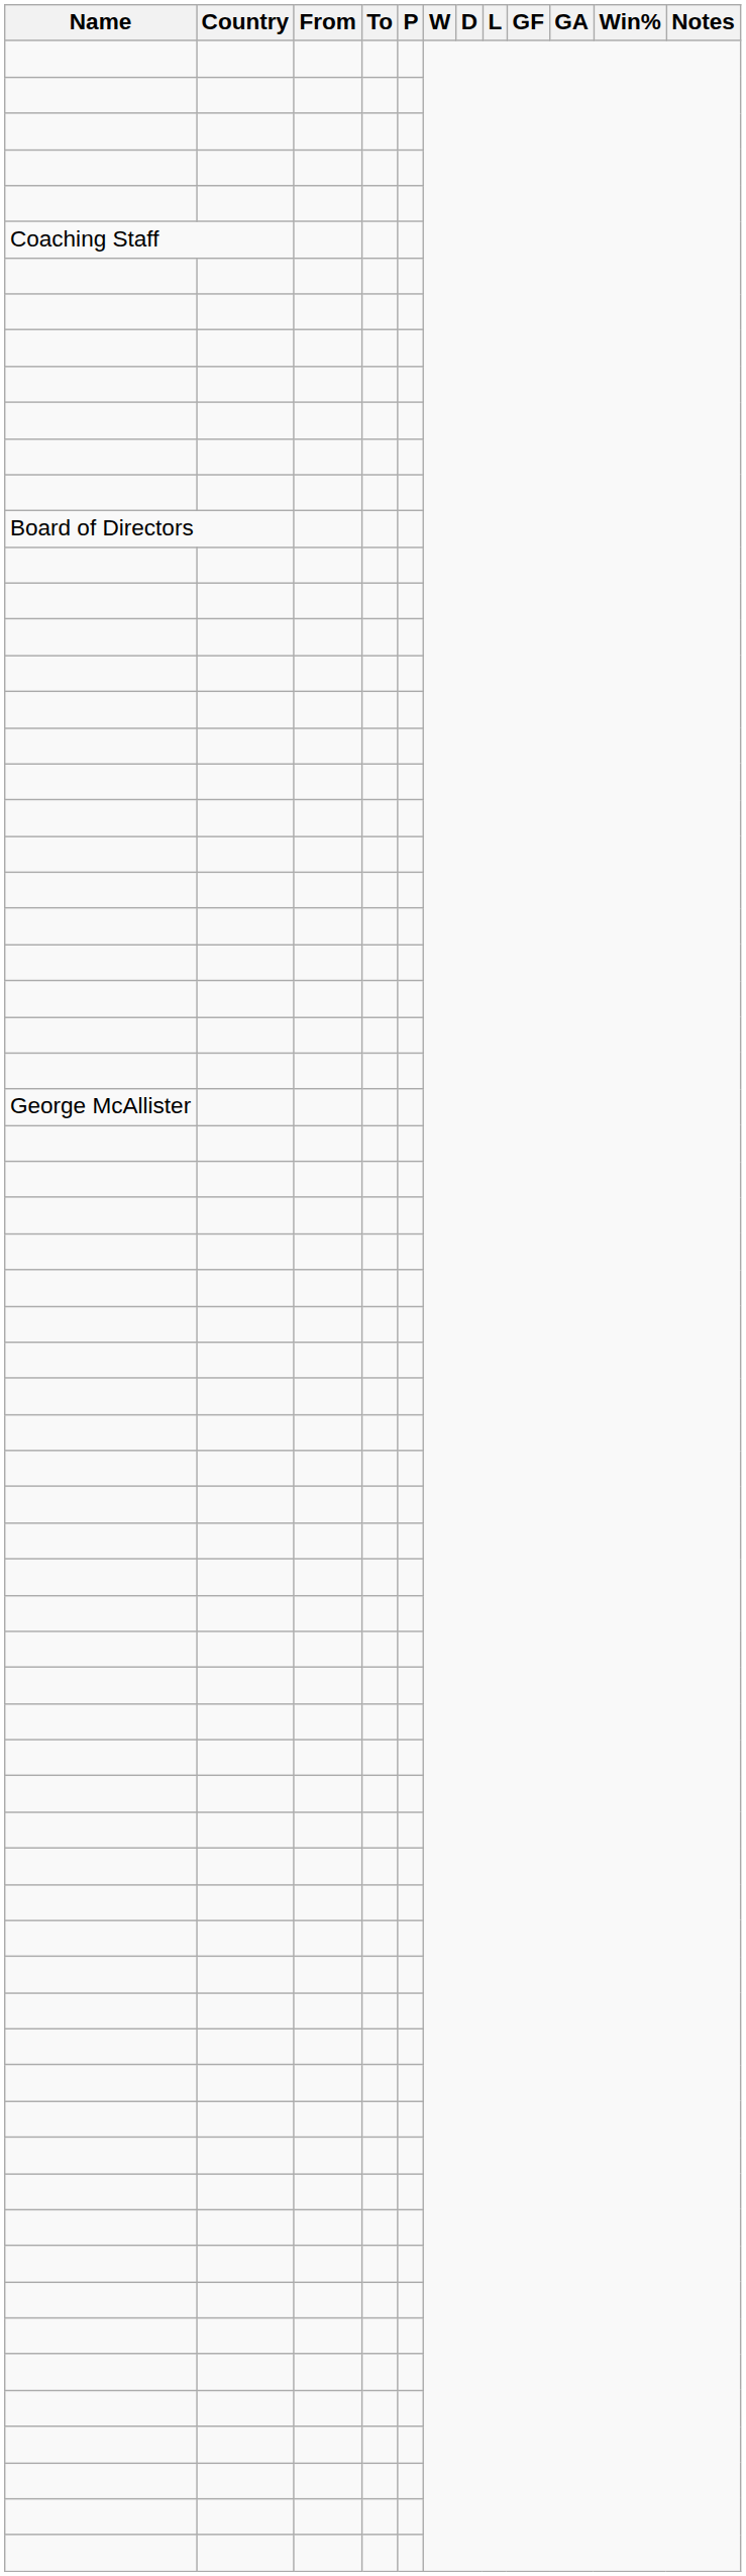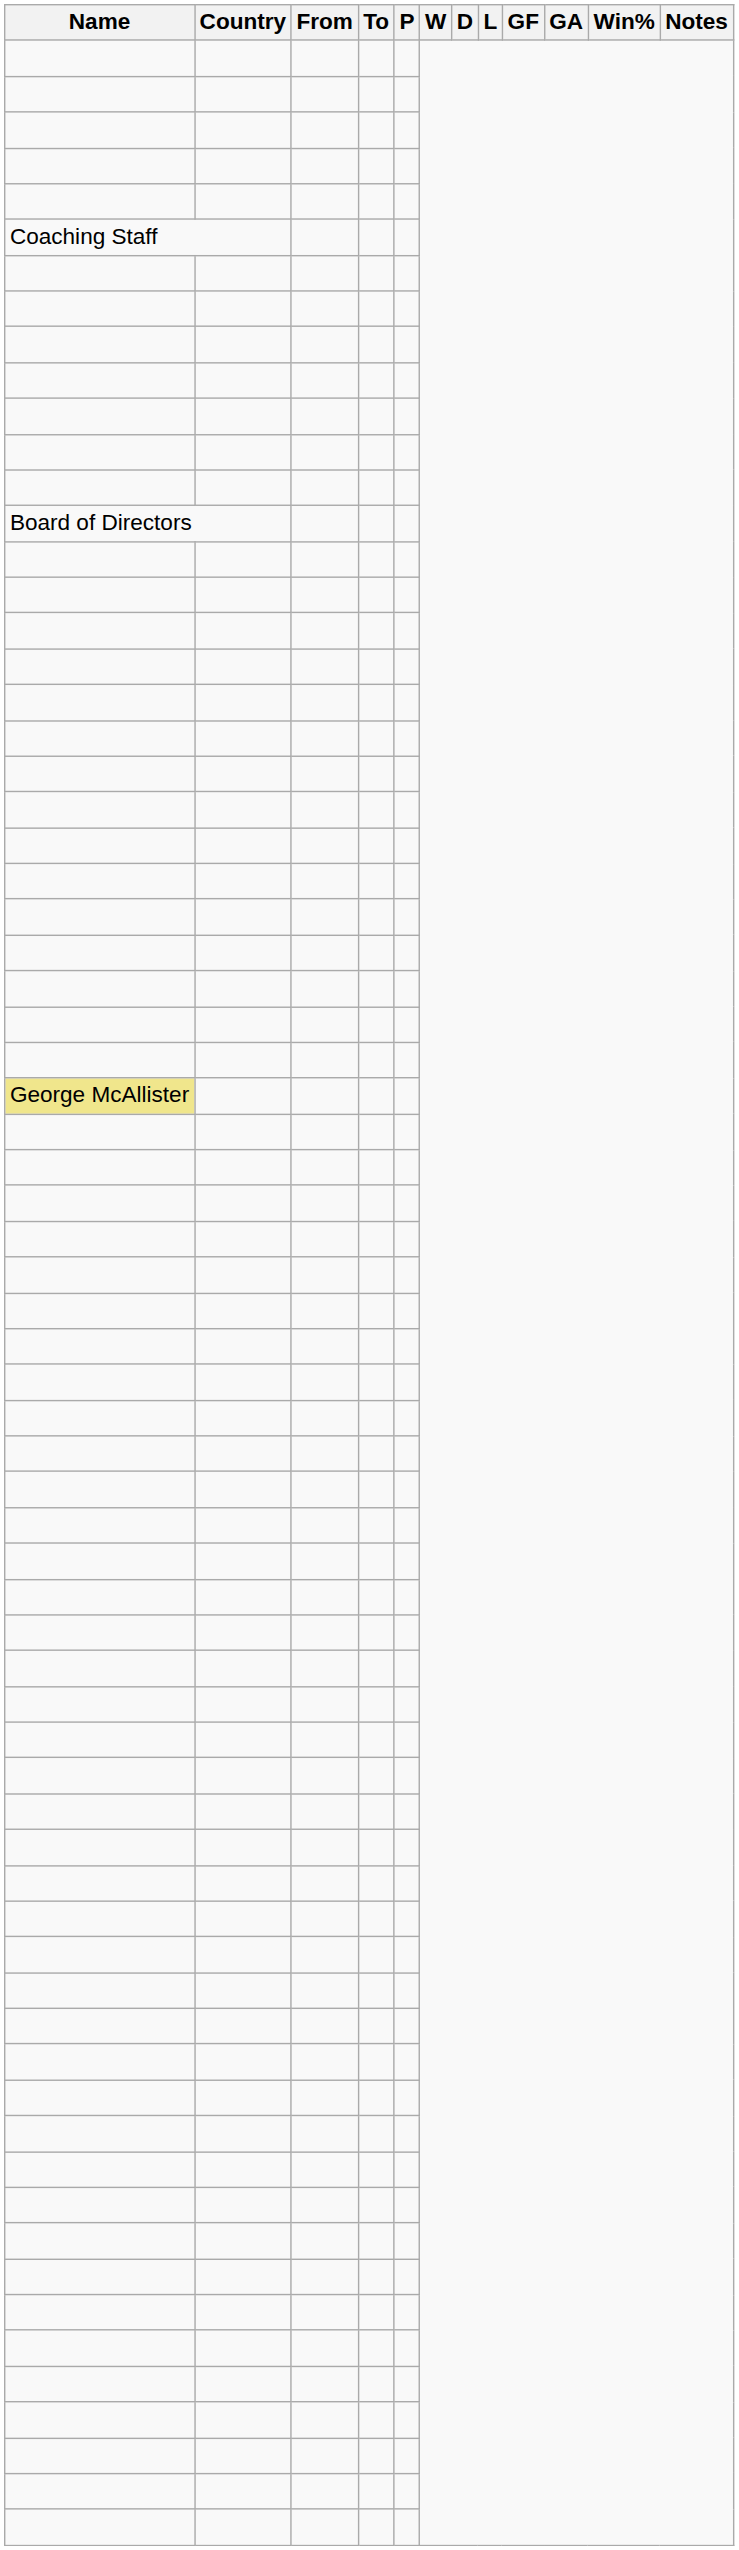 <table class="wikitable sortable">
 <tr>
 <th>Name</th>
 <th>Country</th>
 <th>From</th>
 <th class="unsortable">To</th>
 <th>P</th>
 <th>W</th>
 <th>D</th>
 <th>L</th>
 <th>GF</th>
 <th>GA</th>
 <th>Win%</th>
 <th class="unsortable">Notes</th>
 </tr>
 <tr>
 <td align=left></td>
 <td align=left></td>
 <td align=left></td>
 <td align=left><br></td>
 <td></td>
 </tr>
 <tr>
 <td align=left></td>
 <td align=left></td>
 <td align=left></td>
 <td align=left><br></td>
 <td></td>
 </tr>
 <tr>
 <td align=left></td>
 <td align=left></td>
 <td align=left></td>
 <td align=left><br></td>
 <td></td>
 </tr>
 <tr>
 <td align=left></td>
 <td align=left></td>
 <td align=left></td>
 <td align=left><br></td>
 <td></td>
 </tr>
 <tr>
 <td align=left></td>
 <td align=left></td>
 <td align=left></td>
 <td align=left><br></td>
 <td></td>
 </tr>
 <tr>
 <td colspan=2 align=left>Coaching Staff</td>
 <td align=left></td>
 <td align=left><br></td>
 <td></td>
 </tr>
 <tr>
 <td align=left></td>
 <td align=left></td>
 <td align=left></td>
 <td align=left><br></td>
 <td></td>
 </tr>
 <tr>
 <td align=left></td>
 <td align=left></td>
 <td align=left></td>
 <td align=left><br></td>
 <td></td>
 </tr>
 <tr>
 <td align=left></td>
 <td align=left></td>
 <td align=left></td>
 <td align=left><br></td>
 <td></td>
 </tr>
 <tr>
 <td align=left></td>
 <td align=left></td>
 <td align=left></td>
 <td align=left><br></td>
 <td></td>
 </tr>
 <tr>
 <td align=left></td>
 <td align=left></td>
 <td align=left></td>
 <td align=left><br></td>
 <td></td>
 </tr>
 <tr>
 <td align=left></td>
 <td align=left></td>
 <td align=left></td>
 <td align=left><br></td>
 <td></td>
 </tr>
 <tr>
 <td align=left></td>
 <td align=left></td>
 <td align=left></td>
 <td align=left><br></td>
 <td></td>
 </tr>
 <tr>
 <td colspan=2 align=left>Board of Directors</td>
 <td align=left></td>
 <td align=left><br></td>
 <td></td>
 </tr>
 <tr>
 <td align=left></td>
 <td align=left></td>
 <td align=left></td>
 <td align=left><br></td>
 <td></td>
 </tr>
 <tr>
 <td align=left></td>
 <td align=left></td>
 <td align=left></td>
 <td align=left><br></td>
 <td></td>
 </tr>
 <tr>
 <td align=left></td>
 <td align=left></td>
 <td align=left></td>
 <td align=left><br></td>
 <td></td>
 </tr>
 <tr>
 <td align=left></td>
 <td align=left></td>
 <td align=left></td>
 <td align=left><br></td>
 <td></td>
 </tr>
 <tr>
 <td align=left></td>
 <td align=left></td>
 <td align=left></td>
 <td align=left><br></td>
 <td></td>
 </tr>
 <tr>
 <td align=left></td>
 <td align=left></td>
 <td align=left></td>
 <td align=left><br></td>
 <td></td>
 </tr>
 <tr>
 <td align=left></td>
 <td align=left></td>
 <td align=left></td>
 <td align=left><br></td>
 <td></td>
 </tr>
 <tr>
 <td align=left></td>
 <td align=left></td>
 <td align=left></td>
 <td align=left><br></td>
 <td></td>
 </tr>
 <tr>
 <td align=left></td>
 <td align=left></td>
 <td align=left></td>
 <td align=left><br></td>
 <td></td>
 </tr>
 <tr>
 <td align=left></td>
 <td align=left></td>
 <td align=left></td>
 <td align=left><br></td>
 <td></td>
 </tr>
 <tr>
 <td align=left></td>
 <td align=left></td>
 <td align=left></td>
 <td align=left><br></td>
 <td></td>
 </tr>
 <tr>
 <td align=left></td>
 <td align=left></td>
 <td align=left></td>
 <td align=left><br></td>
 <td></td>
 </tr>
 <tr>
 <td align=left></td>
 <td align=left></td>
 <td align=left></td>
 <td align=left><br></td>
 <td></td>
 </tr>
 <tr>
 <td align=left></td>
 <td align=left></td>
 <td align=left></td>
 <td align=left><br></td>
 <td></td>
 </tr>
 <tr>
 <td align=left></td>
 <td align=left></td>
 <td align=left></td>
 <td align=left><br></td>
 <td></td>
 </tr>
 <tr>
-<td align=left>George McAllister</td>
+<td align=left style="background: khaki;">George McAllister</td>
 <td align=left></td>
 <td align=left></td>
 <td align=left><br></td>
 <td></td>
 </tr>
 <tr>
 <td align=left></td>
 <td align=left></td>
 <td align=left></td>
 <td align=left><br></td>
 <td></td>
 </tr>
 <tr>
 <td align=left></td>
 <td align=left></td>
 <td align=left></td>
 <td align=left><br></td>
 <td></td>
 </tr>
 <tr>
 <td align=left></td>
 <td align=left></td>
 <td align=left></td>
 <td align=left><br></td>
 <td></td>
 </tr>
 <tr>
 <td align=left></td>
 <td align=left></td>
 <td align=left></td>
 <td align=left><br></td>
 <td></td>
 </tr>
 <tr>
 <td align=left></td>
 <td align=left></td>
 <td align=left></td>
 <td align=left><br></td>
 <td></td>
 </tr>
 <tr>
 <td align=left></td>
 <td align=left></td>
 <td align=left></td>
 <td align=left><br></td>
 <td></td>
 </tr>
 <tr>
 <td align=left></td>
 <td align=left></td>
 <td align=left></td>
 <td align=left><br></td>
 <td></td>
 </tr>
 <tr>
 <td align=left></td>
 <td align=left></td>
 <td align=left></td>
 <td align=left><br></td>
 <td></td>
 </tr>
 <tr>
 <td align=left></td>
 <td align=left></td>
 <td align=left></td>
 <td align=left><br></td>
 <td></td>
 </tr>
 <tr>
 <td align=left></td>
 <td align=left></td>
 <td align=left></td>
 <td align=left><br></td>
 <td></td>
 </tr>
 <tr>
 <td align=left></td>
 <td align=left></td>
 <td align=left></td>
 <td align=left><br></td>
 <td></td>
 </tr>
 <tr>
 <td align=left></td>
 <td align=left></td>
 <td align=left></td>
 <td align=left><br></td>
 <td></td>
 </tr>
 <tr>
 <td align=left></td>
 <td align=left></td>
 <td align=left></td>
 <td align=left><br></td>
 <td></td>
 </tr>
 <tr>
 <td align=left></td>
 <td align=left></td>
 <td align=left></td>
 <td align=left><br></td>
 <td></td>
 </tr>
 <tr>
 <td align=left></td>
 <td align=left></td>
 <td align=left></td>
 <td align=left><br></td>
 <td></td>
 </tr>
 <tr>
 <td align=left></td>
 <td align=left></td>
 <td align=left></td>
 <td align=left><br></td>
 <td></td>
 </tr>
 <tr>
 <td align=left></td>
 <td align=left></td>
 <td align=left></td>
 <td align=left><br></td>
 <td></td>
 </tr>
 <tr>
 <td align=left></td>
 <td align=left></td>
 <td align=left></td>
 <td align=left><br></td>
 <td></td>
 </tr>
 <tr>
 <td align=left></td>
 <td align=left></td>
 <td align=left></td>
 <td align=left><br></td>
 <td></td>
 </tr>
 <tr>
 <td align=left></td>
 <td align=left></td>
 <td align=left></td>
 <td align=left><br></td>
 <td></td>
 </tr>
 <tr>
 <td align=left></td>
 <td align=left></td>
 <td align=left></td>
 <td align=left><br></td>
 <td></td>
 </tr>
 <tr>
 <td align=left></td>
 <td align=left></td>
 <td align=left></td>
 <td align=left><br></td>
 <td></td>
 </tr>
 <tr>
 <td align=left></td>
 <td align=left></td>
 <td align=left></td>
 <td align=left><br></td>
 <td></td>
 </tr>
 <tr>
 <td align=left></td>
 <td align=left></td>
 <td align=left></td>
 <td align=left><br></td>
 <td></td>
 </tr>
 <tr>
 <td align=left></td>
 <td align=left></td>
 <td align=left></td>
 <td align=left><br></td>
 <td></td>
 </tr>
 <tr>
 <td align=left></td>
 <td align=left></td>
 <td align=left></td>
 <td align=left><br></td>
 <td></td>
 </tr>
 <tr>
 <td align=left></td>
 <td align=left></td>
 <td align=left></td>
 <td align=left><br></td>
 <td></td>
 </tr>
 <tr>
 <td align=left></td>
 <td align=left></td>
 <td align=left></td>
 <td align=left><br></td>
 <td></td>
 </tr>
 <tr>
 <td align=left></td>
 <td align=left></td>
 <td align=left></td>
 <td align=left><br></td>
 <td></td>
 </tr>
 <tr>
 <td align=left></td>
 <td align=left></td>
 <td align=left></td>
 <td align=left><br></td>
 <td></td>
 </tr>
 <tr>
 <td align=left></td>
 <td align=left></td>
 <td align=left></td>
 <td align=left><br></td>
 <td></td>
 </tr>
 <tr>
 <td align=left></td>
 <td align=left></td>
 <td align=left></td>
 <td align=left><br></td>
 <td></td>
 </tr>
 <tr>
 <td align=left><br></td>
 <td align=left><br></td>
 <td align=left></td>
 <td align=left><br></td>
 <td></td>
 </tr>
 <tr>
 <td align=left></td>
 <td align=left></td>
 <td align=left></td>
 <td align=left><br></td>
 <td></td>
 </tr>
 <tr>
 <td align=left></td>
 <td align=left></td>
 <td align=left></td>
 <td align=left><br></td>
 <td></td>
 </tr>
 <tr>
 <td align=left></td>
 <td align=left></td>
 <td align=left></td>
 <td align=left><br></td>
 <td></td>
 </tr>
 <tr>
 <td align=left></td>
 <td align=left></td>
 <td align=left></td>
 <td align=left><br> </td>
 <td></td>
 </tr>
 <tr>
 <td align=left></td>
 <td align=left></td>
 <td align=left></td>
 <td align=left><br> </td>
 <td></td>
 </tr>
 <tr>
 <td align=left></td>
 <td align=left></td>
 <td align=left></td>
 <td align=left><br> </td>
 <td></td>
 </tr>
 <tr>
 <td align=left></td>
 <td align=left></td>
 <td align=left></td>
 <td align=left><br> </td>
 <td></td>
 </tr>
 </table>
